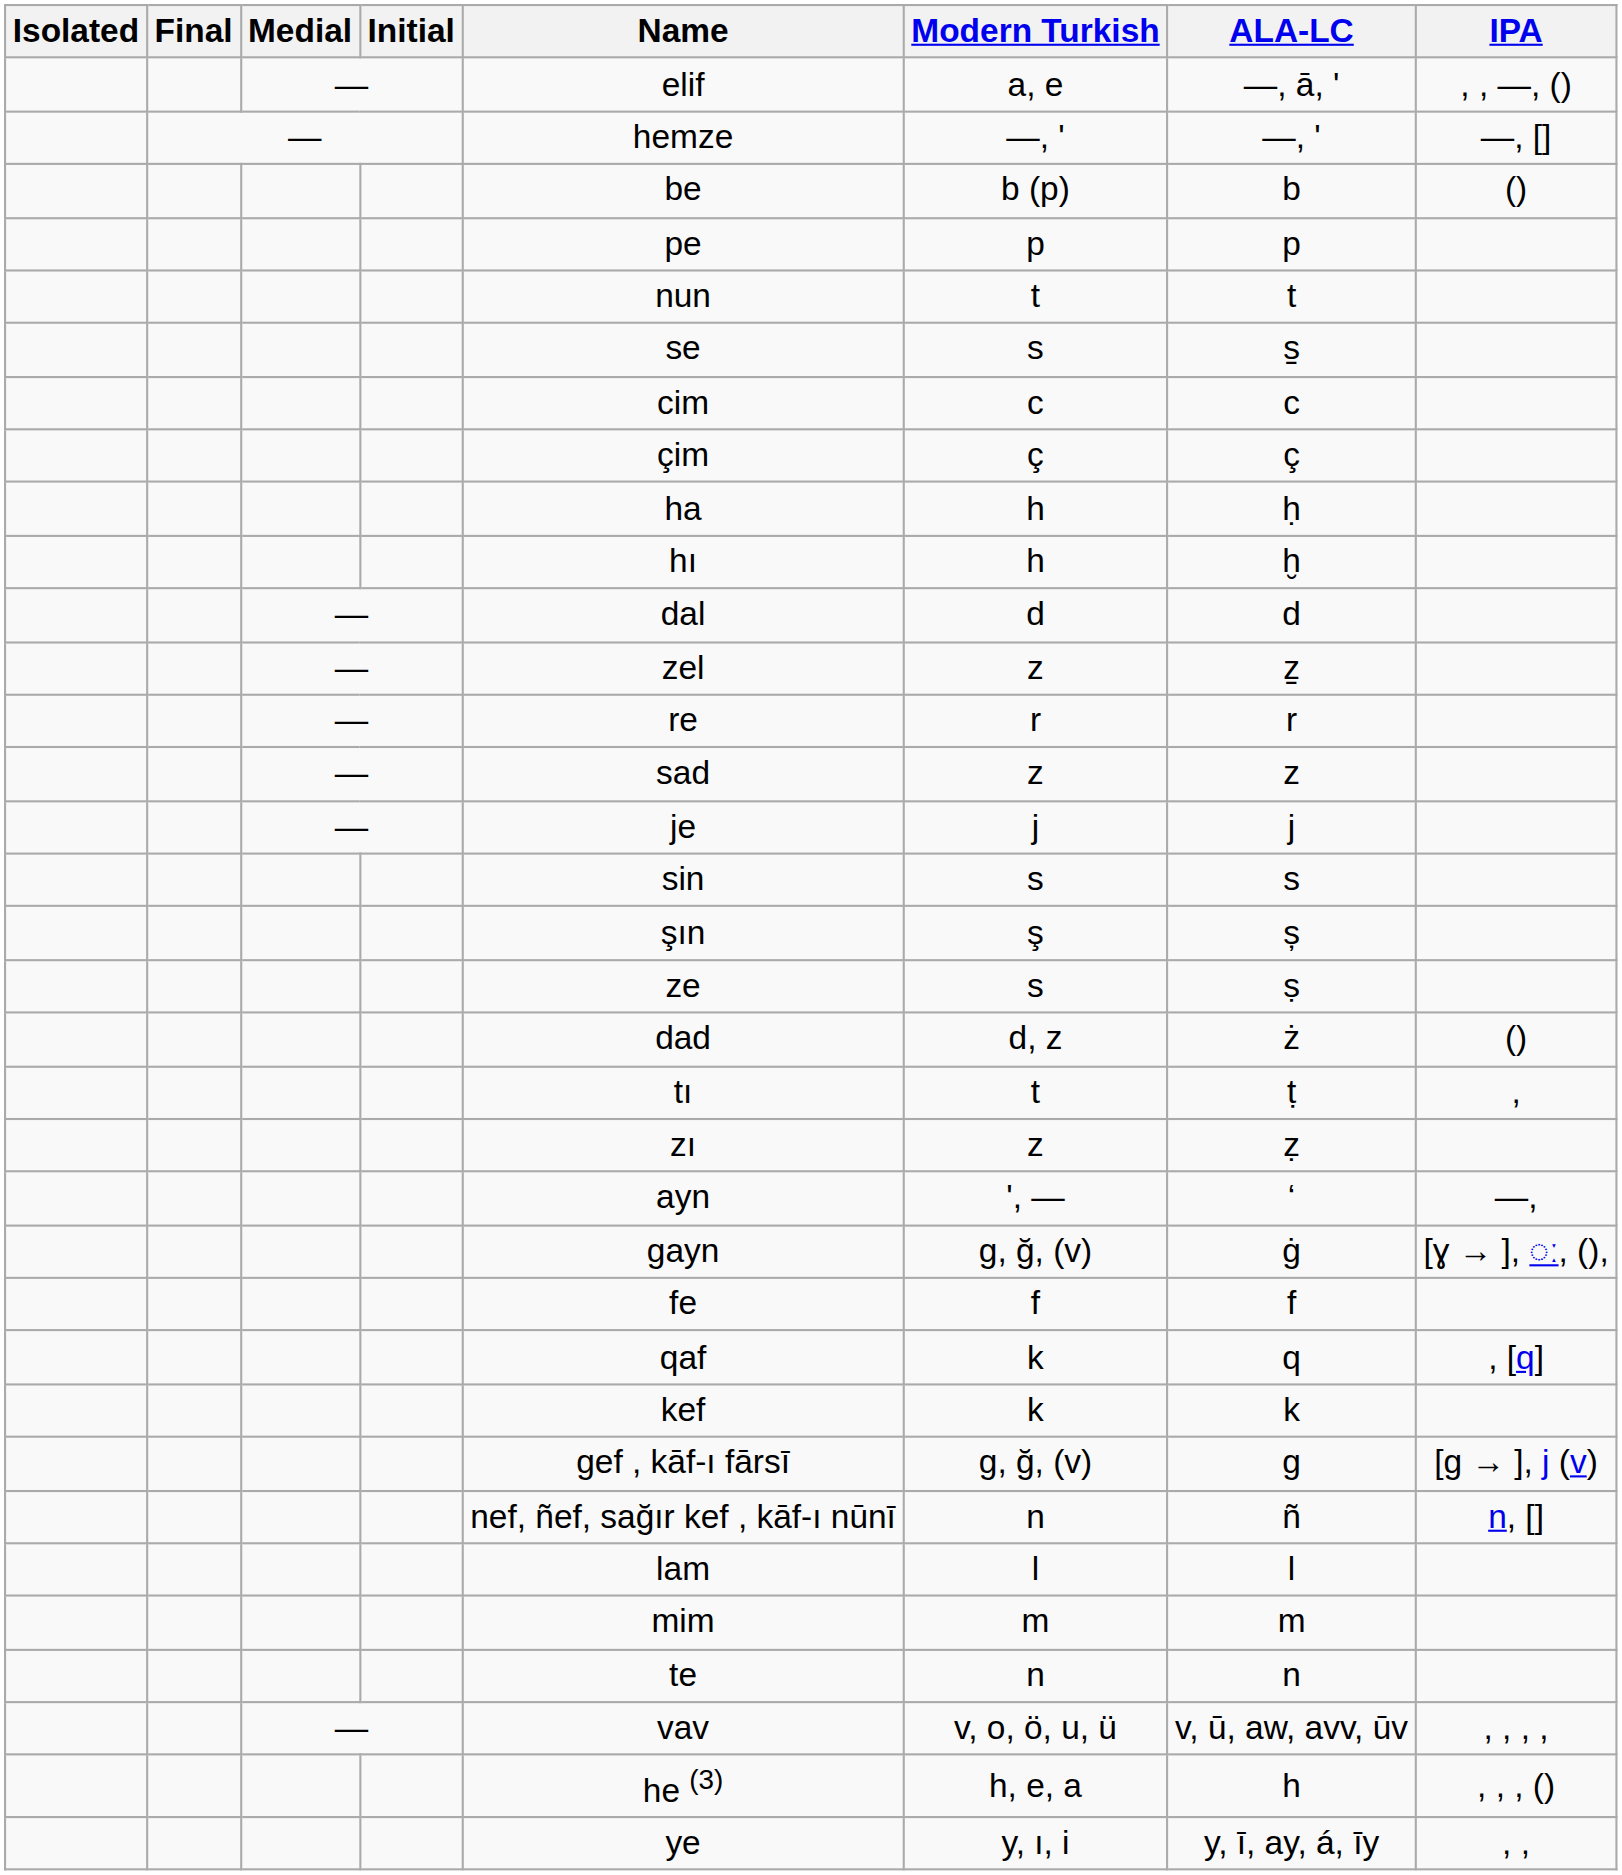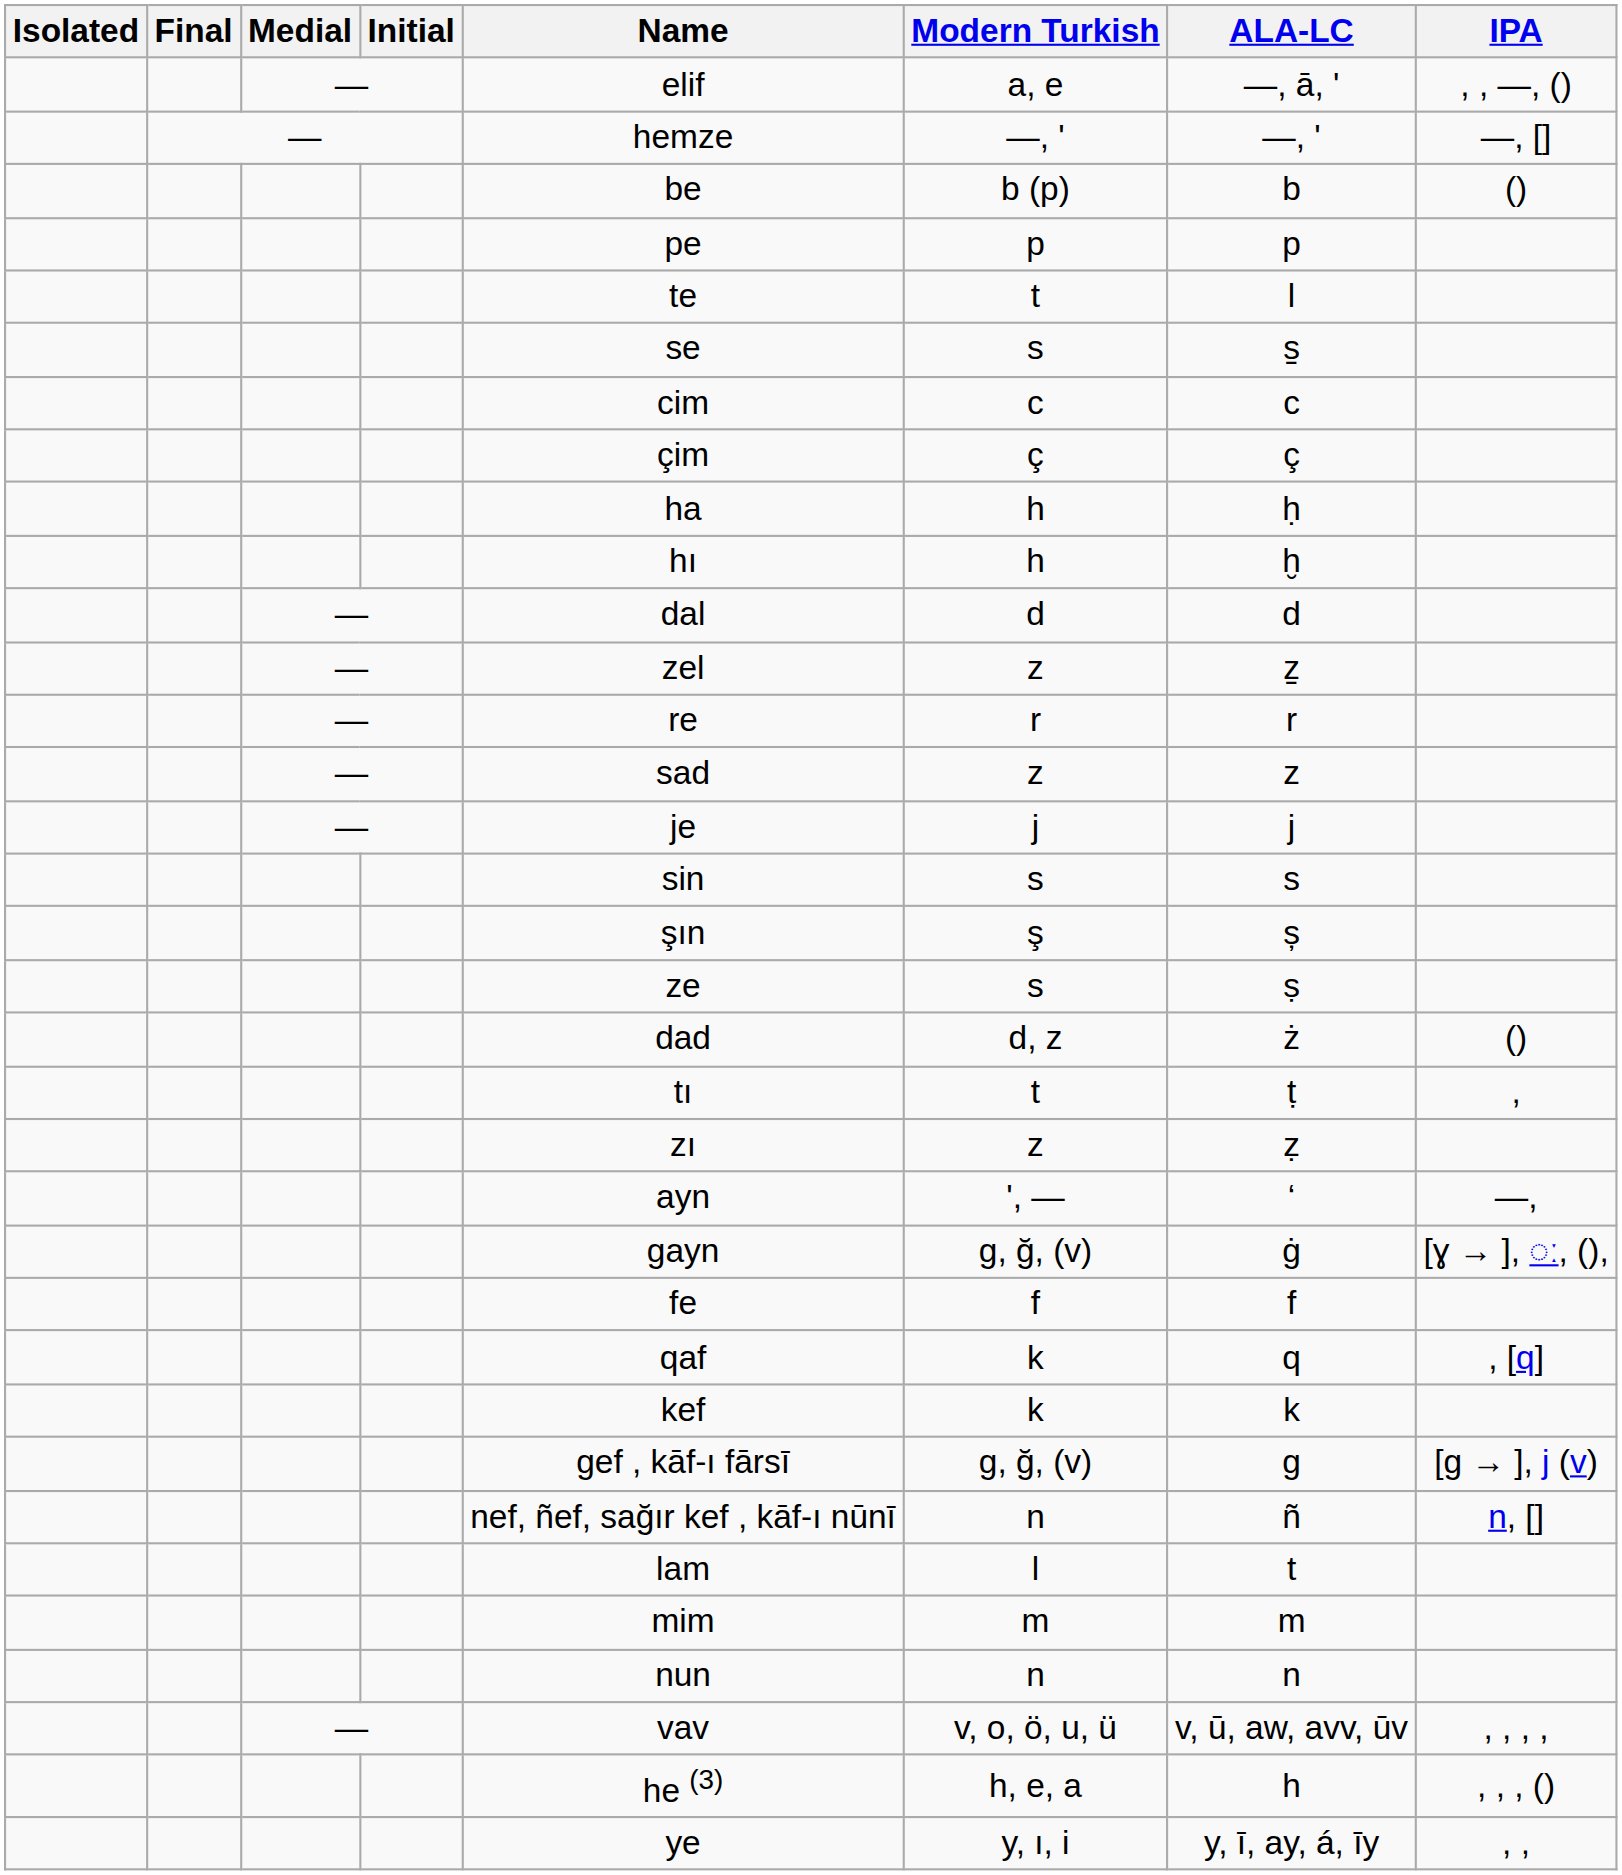 <table class="wikitable">
 <tr>
 <th scope="col">Isolated</th>
 <th scope="col">Final</th>
 <th scope="col">Medial</th>
 <th scope="col">Initial</th>
 <th scope="col">Name</th>
 <th scope="col"><a href='#'>Modern Turkish</a></th>
 <th scope="col"><a href='#'>ALA-LC</a></th>
 <th scope="col"><a href='#'>IPA</a></th>
 </tr>
 <tr align="center">
 <td><span></span></td>
 <td><span></span></td>
 <td colspan="2">—</td>
 <td>elif</td>
 <td>a, e</td>
 <td>—, ā, '</td>
 <td>, , —, ()</td>
 </tr>
 <tr align="center">
 <td><span></span></td>
 <td colspan="3">—</td>
 <td>hemze</td>
 <td>—, '</td>
 <td>—, '</td>
 <td>—, []</td>
 </tr>
 <tr align="center">
 <td><span></span></td>
 <td><span></span></td>
 <td><span></span></td>
 <td><span></span></td>
 <td>be</td>
 <td>b (p)</td>
 <td>b</td>
 <td> ()</td>
 </tr>
 <tr align="center">
 <td><span></span></td>
 <td><span></span></td>
 <td><span></span></td>
 <td><span></span></td>
 <td>pe</td>
 <td>p</td>
 <td>p</td>
 <td></td>
 </tr>
 <tr align="center">
 <td><span></span></td>
 <td><span></span></td>
 <td><span></span></td>
 <td><span></span></td>
-<td>nun</td>
+<td>te</td>
 <td>t</td>
-<td>t</td>
+<td>l</td>
 <td></td>
 </tr>
 <tr align="center">
 <td><span></span></td>
 <td><span></span></td>
 <td><span></span></td>
 <td><span></span></td>
 <td>se</td>
 <td>s</td>
 <td>s̠</td>
 <td></td>
 </tr>
 <tr align="center">
 <td><span></span></td>
 <td><span></span></td>
 <td><span></span></td>
 <td><span></span></td>
 <td>cim</td>
 <td>c</td>
 <td>c</td>
 <td></td>
 </tr>
 <tr align="center">
 <td><span></span></td>
 <td><span></span></td>
 <td><span></span></td>
 <td><span></span></td>
 <td>çim</td>
 <td>ç</td>
 <td>ç</td>
 <td></td>
 </tr>
 <tr align="center">
 <td><span></span></td>
 <td><span></span></td>
 <td><span></span></td>
 <td><span></span></td>
 <td>ha</td>
 <td>h</td>
 <td>ḥ</td>
 <td></td>
 </tr>
 <tr align="center">
 <td><span></span></td>
 <td><span></span></td>
 <td><span></span></td>
 <td><span></span></td>
 <td>hı</td>
 <td>h</td>
 <td>ḫ</td>
 <td></td>
 </tr>
 <tr align="center">
 <td><span></span></td>
 <td><span></span></td>
 <td colspan="2">—</td>
 <td>dal</td>
 <td>d</td>
 <td>d</td>
 <td></td>
 </tr>
 <tr align="center">
 <td><span></span></td>
 <td><span></span></td>
 <td colspan="2">—</td>
 <td>zel</td>
 <td>z</td>
 <td>z̠</td>
 <td></td>
 </tr>
 <tr align="center">
 <td><span></span></td>
 <td><span></span></td>
 <td colspan="2">—</td>
 <td>re</td>
 <td>r</td>
 <td>r</td>
 <td></td>
 </tr>
 <tr align="center">
 <td><span></span></td>
 <td><span></span></td>
 <td colspan="2">—</td>
 <td>sad</td>
 <td>z</td>
 <td>z</td>
 <td></td>
 </tr>
 <tr align="center">
 <td><span></span></td>
 <td><span></span></td>
 <td colspan="2">—</td>
 <td>je</td>
 <td>j</td>
 <td>j</td>
 <td></td>
 </tr>
 <tr align="center">
 <td><span></span></td>
 <td><span></span></td>
 <td><span></span></td>
 <td><span></span></td>
 <td>sin</td>
 <td>s</td>
 <td>s</td>
 <td></td>
 </tr>
 <tr align="center">
 <td><span></span></td>
 <td><span></span></td>
 <td><span></span></td>
 <td><span></span></td>
 <td>şın</td>
 <td>ş</td>
 <td>ș</td>
 <td></td>
 </tr>
 <tr align="center">
 <td><span></span></td>
 <td><span></span></td>
 <td><span></span></td>
 <td><span></span></td>
 <td>ze</td>
 <td>s</td>
 <td>ṣ</td>
 <td></td>
 </tr>
 <tr align="center">
 <td><span></span></td>
 <td><span></span></td>
 <td><span></span></td>
 <td><span></span></td>
 <td>dad</td>
 <td>d, z</td>
 <td>ż</td>
 <td> ()</td>
 </tr>
 <tr align="center">
 <td><span></span></td>
 <td><span></span></td>
 <td><span></span></td>
 <td><span></span></td>
 <td>tı</td>
 <td>t</td>
 <td>ṭ</td>
 <td>, </td>
 </tr>
 <tr align="center">
 <td><span></span></td>
 <td><span></span></td>
 <td><span></span></td>
 <td><span></span></td>
 <td>zı</td>
 <td>z</td>
 <td>ẓ</td>
 <td></td>
 </tr>
 <tr align="center">
 <td><span></span></td>
 <td><span></span></td>
 <td><span></span></td>
 <td><span></span></td>
 <td>ayn</td>
 <td>', —</td>
 <td>‘</td>
 <td>—, </td>
 </tr>
 <tr align="center">
 <td><span></span></td>
 <td><span></span></td>
 <td><span></span></td>
 <td><span></span></td>
 <td>gayn</td>
 <td>g, ğ, (v)</td>
 <td>ġ</td>
 <td>[ɣ → ], <a href='#'>◌ː</a>, (),</td>
 </tr>
 <tr align="center">
 <td><span></span></td>
 <td><span></span></td>
 <td><span></span></td>
 <td><span></span></td>
 <td>fe</td>
 <td>f</td>
 <td>f</td>
 <td></td>
 </tr>
 <tr align="center">
 <td><span></span></td>
 <td><span></span></td>
 <td><span></span></td>
 <td><span></span></td>
 <td>qaf</td>
 <td>k</td>
 <td>q</td>
 <td>, [<a href='#'>q</a>]</td>
 </tr>
 <tr align="center">
 <td><span></span></td>
 <td><span></span></td>
 <td><span></span></td>
 <td><span></span></td>
 <td>kef</td>
 <td>k</td>
 <td>k</td>
 <td></td>
 </tr>
 <tr align="center">
 <td><span></span></td>
 <td><span></span></td>
 <td><span></span></td>
 <td><span></span></td>
 <td>gef , kāf-ı fārsī</td>
 <td>g, ğ, (v)</td>
 <td>g</td>
 <td>[g → ], <a href='#'>j</a> (<a href='#'>v</a>)</td>
 </tr>
 <tr align="center">
 <td><span></span></td>
 <td><span></span></td>
 <td><span></span></td>
 <td><span></span></td>
 <td>nef, ñef, sağır kef  , kāf-ı nūnī</td>
 <td>n</td>
 <td>ñ</td>
 <td><a href='#'>n</a>, []</td>
 </tr>
 <tr align="center">
 <td><span></span></td>
 <td><span></span></td>
 <td><span></span></td>
 <td><span></span></td>
 <td>lam</td>
 <td>l</td>
-<td>l</td>
+<td>t</td>
 <td></td>
 </tr>
 <tr align="center">
 <td><span></span></td>
 <td><span></span></td>
 <td><span></span></td>
 <td><span></span></td>
 <td>mim</td>
 <td>m</td>
 <td>m</td>
 <td></td>
 </tr>
 <tr align="center">
 <td><span></span></td>
 <td><span></span></td>
 <td><span></span></td>
 <td><span></span></td>
-<td>te</td>
+<td>nun</td>
 <td>n</td>
 <td>n</td>
 <td></td>
 </tr>
 <tr align="center">
 <td><span></span></td>
 <td><span></span></td>
 <td colspan="2">—</td>
 <td>vav</td>
 <td>v, o, ö, u, ü</td>
 <td>v, ū, aw, avv, ūv</td>
 <td>, , , , </td>
 </tr>
 <tr align="center">
 <td><span></span></td>
 <td><span></span></td>
 <td><span></span></td>
 <td><span></span></td>
 <td>he <sup>(3)</sup></td>
 <td>h, e, a</td>
 <td>h </td>
 <td>, , , ()</td>
 </tr>
 <tr align="center">
 <td><span></span></td>
 <td><span></span></td>
 <td><span></span></td>
 <td><span></span></td>
 <td>ye</td>
 <td>y, ı, i</td>
 <td>y, ī, ay, á, īy</td>
 <td>, , </td>
 </tr>
 </table>
